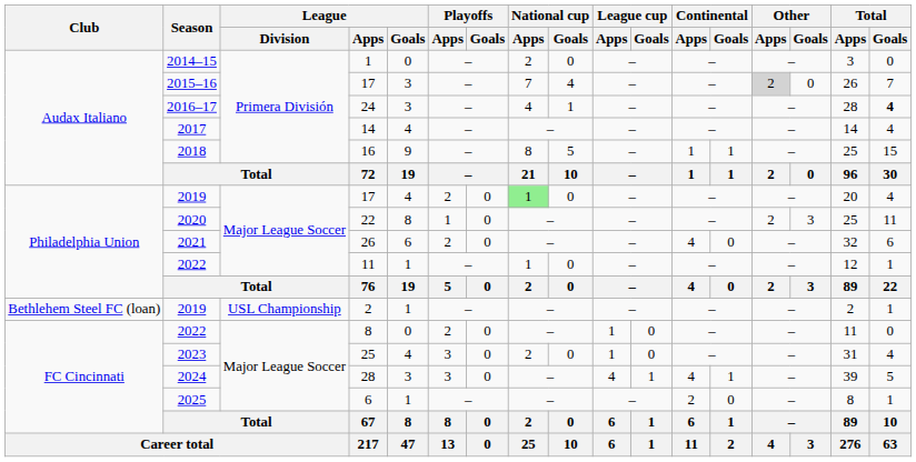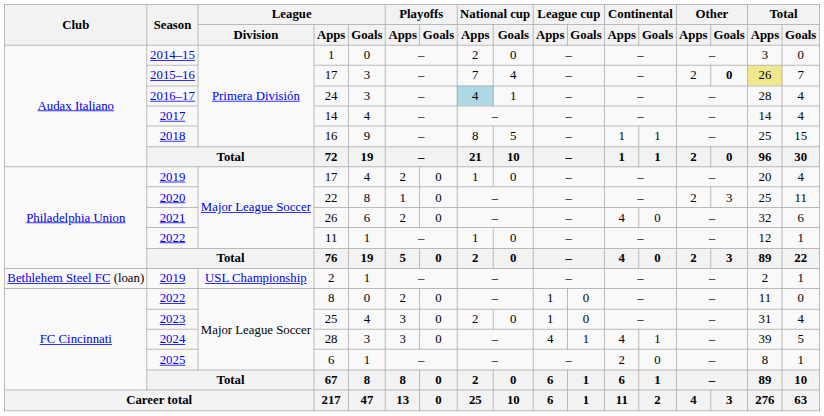 <table class="wikitable" style="text-align:center">
 <tr>
 <th rowspan="2">Club</th>
 <th rowspan="2">Season</th>
 <th colspan="3">League</th>
 <th colspan="2">Playoffs</th>
 <th colspan="2">National cup</th>
 <th colspan="2">League cup</th>
 <th colspan="2">Continental</th>
 <th colspan="2">Other</th>
 <th colspan="2">Total</th>
 </tr>
 <tr>
 <th>Division</th>
 <th>Apps</th>
 <th>Goals</th>
 <th>Apps</th>
 <th>Goals</th>
 <th>Apps</th>
 <th>Goals</th>
 <th>Apps</th>
 <th>Goals</th>
 <th>Apps</th>
 <th>Goals</th>
 <th>Apps</th>
 <th>Goals</th>
 <th>Apps</th>
 <th>Goals</th>
 </tr>
 <tr>
 <td rowspan="6"><a href='#'>Audax Italiano</a></td>
 <td><a href='#'>2014–15</a></td>
 <td rowspan="5"><a href='#'>Primera División</a></td>
 <td>1</td>
 <td>0</td>
 <td colspan="2">–</td>
 <td>2</td>
 <td>0</td>
 <td colspan="2">–</td>
 <td colspan="2">–</td>
 <td colspan="2">–</td>
 <td>3</td>
 <td>0</td>
 </tr>
 <tr>
 <td><a href='#'>2015–16</a></td>
 <td>17</td>
 <td>3</td>
 <td colspan="2">–</td>
 <td>7</td>
 <td>4</td>
 <td colspan="2">–</td>
 <td colspan="2">–</td>
-<td style="background: lightgrey;">2</td>
-<td>0</td>
-<td>26</td>
+<td>2</td>
+<td><strong>0</strong></td>
+<td style="background: khaki;">26</td>
 <td>7</td>
 </tr>
 <tr>
 <td><a href='#'>2016–17</a></td>
 <td>24</td>
 <td>3</td>
 <td colspan="2">–</td>
-<td>4</td>
+<td style="background: lightblue;">4</td>
 <td>1</td>
 <td colspan="2">–</td>
 <td colspan="2">–</td>
 <td colspan="2">–</td>
 <td>28</td>
-<td><strong>4</strong></td>
+<td>4</td>
 </tr>
 <tr>
 <td><a href='#'>2017</a></td>
 <td>14</td>
 <td>4</td>
 <td colspan="2">–</td>
 <td colspan="2">–</td>
 <td colspan="2">–</td>
 <td colspan="2">–</td>
 <td colspan="2">–</td>
 <td>14</td>
 <td>4</td>
 </tr>
 <tr>
 <td><a href='#'>2018</a></td>
 <td>16</td>
 <td>9</td>
 <td colspan="2">–</td>
 <td>8</td>
 <td>5</td>
 <td colspan="2">–</td>
 <td>1</td>
 <td>1</td>
 <td colspan="2">–</td>
 <td>25</td>
 <td>15</td>
 </tr>
 <tr>
 <th colspan="2">Total</th>
 <th>72</th>
 <th>19</th>
 <th colspan="2">–</th>
 <th>21</th>
 <th>10</th>
 <th colspan="2">–</th>
 <th>1</th>
 <th>1</th>
 <th>2</th>
 <th>0</th>
 <th>96</th>
 <th>30</th>
 </tr>
 <tr>
 <td rowspan="5"><a href='#'>Philadelphia Union</a></td>
 <td><a href='#'>2019</a></td>
 <td rowspan="4"><a href='#'>Major League Soccer</a></td>
 <td>17</td>
 <td>4</td>
 <td>2</td>
 <td>0</td>
-<td style="background: lightgreen;">1</td>
+<td>1</td>
 <td>0</td>
 <td colspan="2">–</td>
 <td colspan="2">–</td>
 <td colspan="2">–</td>
 <td>20</td>
 <td>4</td>
 </tr>
 <tr>
 <td><a href='#'>2020</a></td>
 <td>22</td>
 <td>8</td>
 <td>1</td>
 <td>0</td>
 <td colspan="2">–</td>
 <td colspan="2">–</td>
 <td colspan="2">–</td>
 <td>2</td>
 <td>3</td>
 <td>25</td>
 <td>11</td>
 </tr>
 <tr>
 <td><a href='#'>2021</a></td>
 <td>26</td>
 <td>6</td>
 <td>2</td>
 <td>0</td>
 <td colspan="2">–</td>
 <td colspan="2">–</td>
 <td>4</td>
 <td>0</td>
 <td colspan="2">–</td>
 <td>32</td>
 <td>6</td>
 </tr>
 <tr>
 <td><a href='#'>2022</a></td>
 <td>11</td>
 <td>1</td>
 <td colspan="2">–</td>
 <td>1</td>
 <td>0</td>
 <td colspan="2">–</td>
 <td colspan="2">–</td>
 <td colspan="2">–</td>
 <td>12</td>
 <td>1</td>
 </tr>
 <tr>
 <th colspan="2">Total</th>
 <th>76</th>
 <th>19</th>
 <th>5</th>
 <th>0</th>
 <th>2</th>
 <th>0</th>
 <th colspan="2">–</th>
 <th>4</th>
 <th>0</th>
 <th>2</th>
 <th>3</th>
 <th>89</th>
 <th>22</th>
 </tr>
 <tr>
 <td><a href='#'>Bethlehem Steel FC</a> (loan)</td>
 <td><a href='#'>2019</a></td>
 <td><a href='#'>USL Championship</a></td>
 <td>2</td>
 <td>1</td>
 <td colspan="2">–</td>
 <td colspan="2">–</td>
 <td colspan="2">–</td>
 <td colspan="2">–</td>
 <td colspan="2">–</td>
 <td>2</td>
 <td>1</td>
 </tr>
 <tr>
 <td rowspan="5"><a href='#'>FC Cincinnati</a></td>
 <td><a href='#'>2022</a></td>
 <td rowspan="4">Major League Soccer</td>
 <td>8</td>
 <td>0</td>
 <td>2</td>
 <td>0</td>
 <td colspan="2">–</td>
 <td>1</td>
 <td>0</td>
 <td colspan="2">–</td>
 <td colspan="2">–</td>
 <td>11</td>
 <td>0</td>
 </tr>
 <tr>
 <td><a href='#'>2023</a></td>
 <td>25</td>
 <td>4</td>
 <td>3</td>
 <td>0</td>
 <td>2</td>
 <td>0</td>
 <td>1</td>
 <td>0</td>
 <td colspan="2">–</td>
 <td colspan="2">–</td>
 <td>31</td>
 <td>4</td>
 </tr>
 <tr>
 <td><a href='#'>2024</a></td>
 <td>28</td>
 <td>3</td>
 <td>3</td>
 <td>0</td>
 <td colspan="2">–</td>
 <td>4</td>
 <td>1</td>
 <td>4</td>
 <td>1</td>
 <td colspan="2">–</td>
 <td>39</td>
 <td>5</td>
 </tr>
 <tr>
 <td><a href='#'>2025</a></td>
 <td>6</td>
 <td>1</td>
 <td colspan="2">–</td>
 <td colspan="2">–</td>
 <td colspan="2">–</td>
 <td>2</td>
 <td>0</td>
 <td colspan="2">–</td>
 <td>8</td>
 <td>1</td>
 </tr>
 <tr>
 <th colspan="2">Total</th>
 <th>67</th>
 <th>8</th>
 <th>8</th>
 <th>0</th>
 <th>2</th>
 <th>0</th>
 <th>6</th>
 <th>1</th>
 <th>6</th>
 <th>1</th>
 <th colspan="2">–</th>
 <th>89</th>
 <th>10</th>
 </tr>
 <tr>
 <th colspan="3">Career total</th>
 <th>217</th>
 <th>47</th>
 <th>13</th>
 <th>0</th>
 <th>25</th>
 <th>10</th>
 <th>6</th>
 <th>1</th>
 <th>11</th>
 <th>2</th>
 <th>4</th>
 <th>3</th>
 <th>276</th>
 <th>63</th>
 </tr>
 </table>
